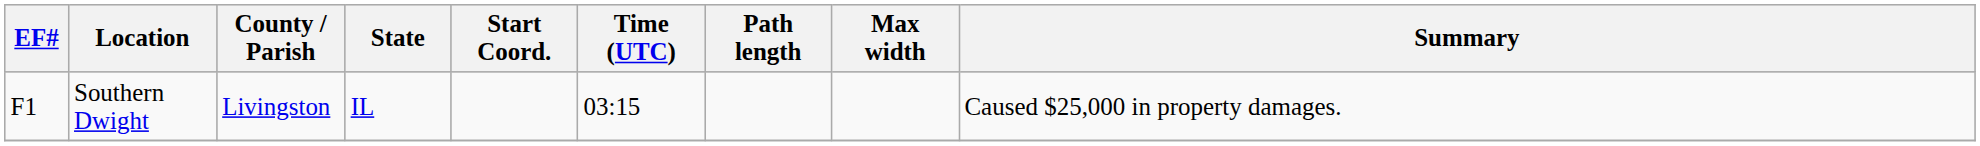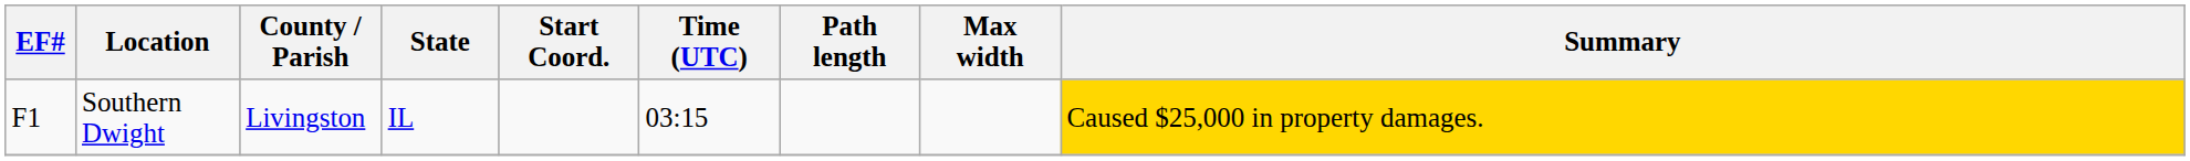 <table class="wikitable sortable" style="width:100%;">
 <tr>
 <th scope="col"  style="width:3%; text-align:center;"><a href='#'>EF#</a></th>
 <th scope="col"  style="width:7%; text-align:center;" class="unsortable">Location</th>
 <th scope="col"  style="width:6%; text-align:center;" class="unsortable">County / Parish</th>
 <th scope="col"  style="width:5%; text-align:center;">State</th>
 <th scope="col"  style="width:6%; text-align:center;">Start Coord.</th>
 <th scope="col"  style="width:6%; text-align:center;">Time (<a href='#'>UTC</a>)</th>
 <th scope="col"  style="width:6%; text-align:center;">Path length</th>
 <th scope="col"  style="width:6%; text-align:center;">Max width</th>
 <th scope="col" class="unsortable" style="width:48%; text-align:center;">Summary</th>
 </tr>
 <tr>
 <td bgcolor=>F1</td>
 <td>Southern <a href='#'>Dwight</a></td>
 <td><a href='#'>Livingston</a></td>
 <td><a href='#'>IL</a></td>
 <td></td>
 <td>03:15</td>
 <td></td>
 <td></td>
-<td>Caused $25,000 in property damages.</td>
+<td style="background: gold;">Caused $25,000 in property damages.</td>
 </tr>
 <tr>
 </tr>
 </table>
